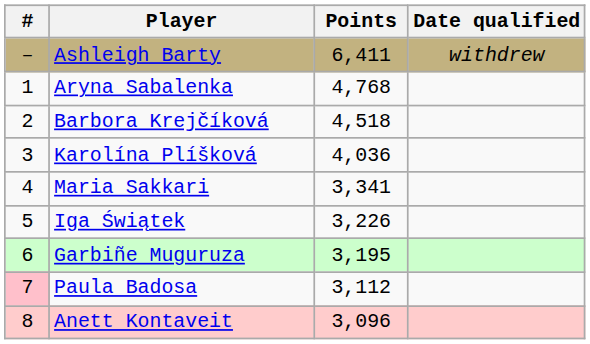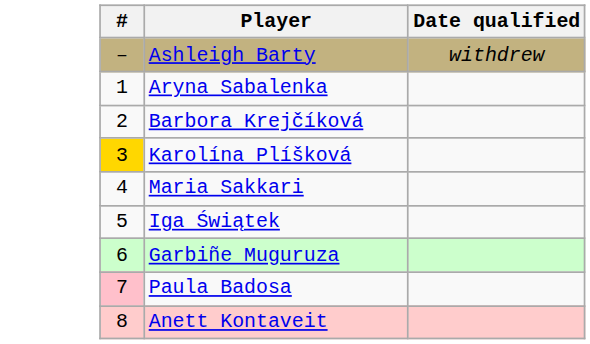 <table class="sortable wikitable"  style="float:right; text-align:center; font-size:90%; text:justify; margin-left:10px; margin-bottom:10px;">
 <tr>
 <th width=20>#</th>
 <th width=150>Player</th>
-<th width=50>Points</th>
 <th>Date qualified</th>
 </tr>
 <tr bgcolor=c2b280>
 <td>–</td>
 <td align=left> <a href='#'>Ashleigh Barty</a></td>
-<td>6,411</td>
 <td><em>withdrew</em></td>
 </tr>
 <tr>
 <td>1</td>
 <td align=left> <a href='#'>Aryna Sabalenka</a></td>
-<td>4,768</td>
 <td></td>
 </tr>
 <tr>
 <td>2</td>
 <td align=left> <a href='#'>Barbora Krejčíková</a></td>
-<td>4,518</td>
 <td></td>
 </tr>
 <tr>
-<td>3</td>
+<td style="background: gold;">3</td>
 <td align=left> <a href='#'>Karolína Plíšková</a></td>
-<td>4,036</td>
 <td></td>
 </tr>
 <tr>
 <td>4</td>
 <td align=left> <a href='#'>Maria Sakkari</a></td>
-<td>3,341</td>
 <td></td>
 </tr>
 <tr>
 <td>5</td>
 <td align=left> <a href='#'>Iga Świątek</a></td>
-<td>3,226</td>
 <td></td>
 </tr>
 <tr style="background:#cfc;">
 <td>6</td>
 <td align=left> <a href='#'>Garbiñe Muguruza</a></td>
-<td>3,195</td>
 <td></td>
 </tr>
 <tr>
 <td style="background: pink;">7</td>
 <td align=left> <a href='#'>Paula Badosa</a></td>
-<td>3,112</td>
 <td></td>
 </tr>
 <tr style="background:#fcc;">
 <td>8</td>
 <td align=left> <a href='#'>Anett Kontaveit</a></td>
-<td>3,096</td>
 <td></td>
 </tr>
 </table>
